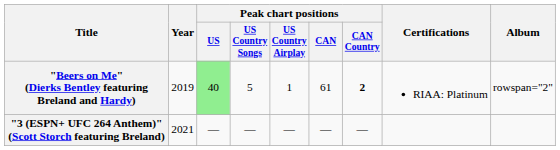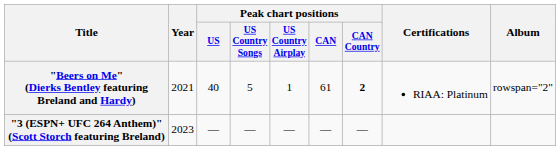 <table class="wikitable plainrowheaders" style="text-align:center;">
 <tr>
 <th scope="col" rowspan="2" style="width:14em;">Title</th>
 <th scope="col" rowspan="2">Year</th>
 <th scope="col" colspan="5">Peak chart positions</th>
 <th scope="col" rowspan="2">Certifications</th>
 <th scope="col" rowspan="2">Album</th>
 </tr>
 <tr>
 <th scope="col" style="width:3em;font-size:85%;"><a href='#'>US</a><br></th>
 <th scope="col" style="width:3em;font-size:85%;"><a href='#'>US Country Songs</a><br></th>
 <th scope="col" style="width:3em;font-size:85%;"><a href='#'>US Country Airplay</a><br></th>
 <th scope="col" style="width:3em;font-size:85%;"><a href='#'>CAN</a><br></th>
 <th scope="col" style="width:3em;font-size:85%;"><a href='#'>CAN Country</a><br></th>
 </tr>
 <tr>
 <th scope="row">"<a href='#'>Beers on Me</a>"<br><span>(<a href='#'>Dierks Bentley</a> featuring Breland and <a href='#'>Hardy</a>)</span></th>
-<td>2019</td>
-<td style="background: lightgreen;">40</td>
+<td>2021</td>
+<td>40</td>
 <td>5</td>
 <td>1</td>
 <td>61</td>
 <td><strong>2</strong></td>
 <td><br><ul><li>RIAA: Platinum</li></ul></td>
 <td>rowspan="2" </td>
 </tr>
 <tr>
 <th scope="row">"3 (ESPN+ UFC 264 Anthem)"<br><span>(<a href='#'>Scott Storch</a> featuring Breland)</span></th>
-<td>2021</td>
+<td>2023</td>
 <td>—</td>
 <td>—</td>
 <td>—</td>
 <td>—</td>
 <td>—</td>
 <td></td>
 </tr>
 </table>
